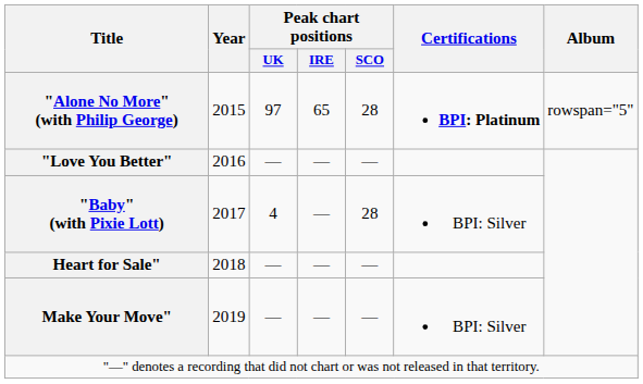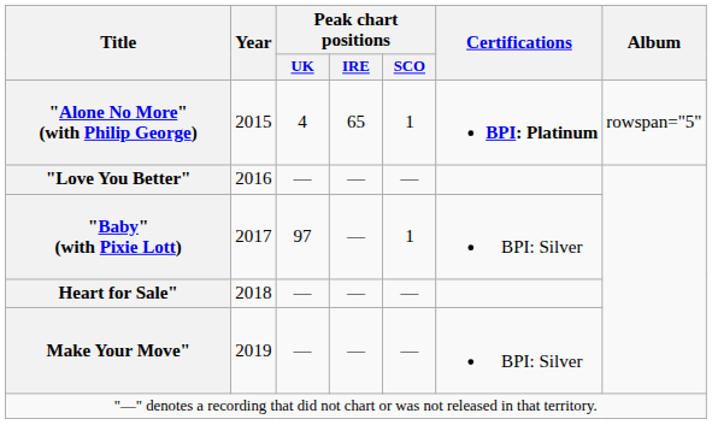 <table class="wikitable plainrowheaders" style="text-align:center">
 <tr>
 <th scope="col" rowspan="2" style="width:12em;">Title</th>
 <th scope="col" rowspan="2" style="width:1em;">Year</th>
 <th scope="col" colspan="3">Peak chart positions</th>
 <th scope="col" rowspan="2"><a href='#'>Certifications</a></th>
 <th scope="col" rowspan="2">Album</th>
 </tr>
 <tr>
 <th scope="col" style="width:3em;font-size:85%;"><a href='#'>UK</a><br></th>
 <th scope="col" style="width:3em;font-size:85%;"><a href='#'>IRE</a><br></th>
 <th scope="col" style="width:3em;font-size:85%;"><a href='#'>SCO</a><br></th>
 </tr>
 <tr>
 <th scope="row">"<a href='#'>Alone No More</a>"<br><span>(with <a href='#'>Philip George</a>)</span></th>
 <td>2015</td>
-<td>97</td>
+<td>4</td>
 <td>65</td>
-<td>28</td>
+<td>1</td>
 <td><strong><br><ul><li><a href='#'>BPI</a>: Platinum</li></ul></strong></td>
 <td>rowspan="5" </td>
 </tr>
 <tr>
 <th scope="row">"Love You Better"</th>
 <td>2016</td>
 <td>—</td>
 <td>—</td>
 <td>—</td>
 <td></td>
 </tr>
 <tr>
 <th scope="row">"<a href='#'>Baby</a>"<br><span>(with <a href='#'>Pixie Lott</a>)</span></th>
 <td>2017</td>
-<td>4</td>
+<td>97</td>
 <td>—</td>
-<td>28</td>
+<td>1</td>
 <td><br><ul><li>BPI: Silver</li></ul></td>
 </tr>
 <tr>
 <th scope="row">Heart for Sale"</th>
 <td>2018</td>
 <td>—</td>
 <td>—</td>
 <td>—</td>
 <td></td>
 </tr>
 <tr>
 <th scope="row">Make Your Move"<br></th>
 <td>2019</td>
 <td>—</td>
 <td>—</td>
 <td>—</td>
 <td><br><ul><li>BPI: Silver</li></ul></td>
 </tr>
 <tr>
 <td colspan="20" style="font-size:85%">"—" denotes a recording that did not chart or was not released in that territory.</td>
 </tr>
 </table>
